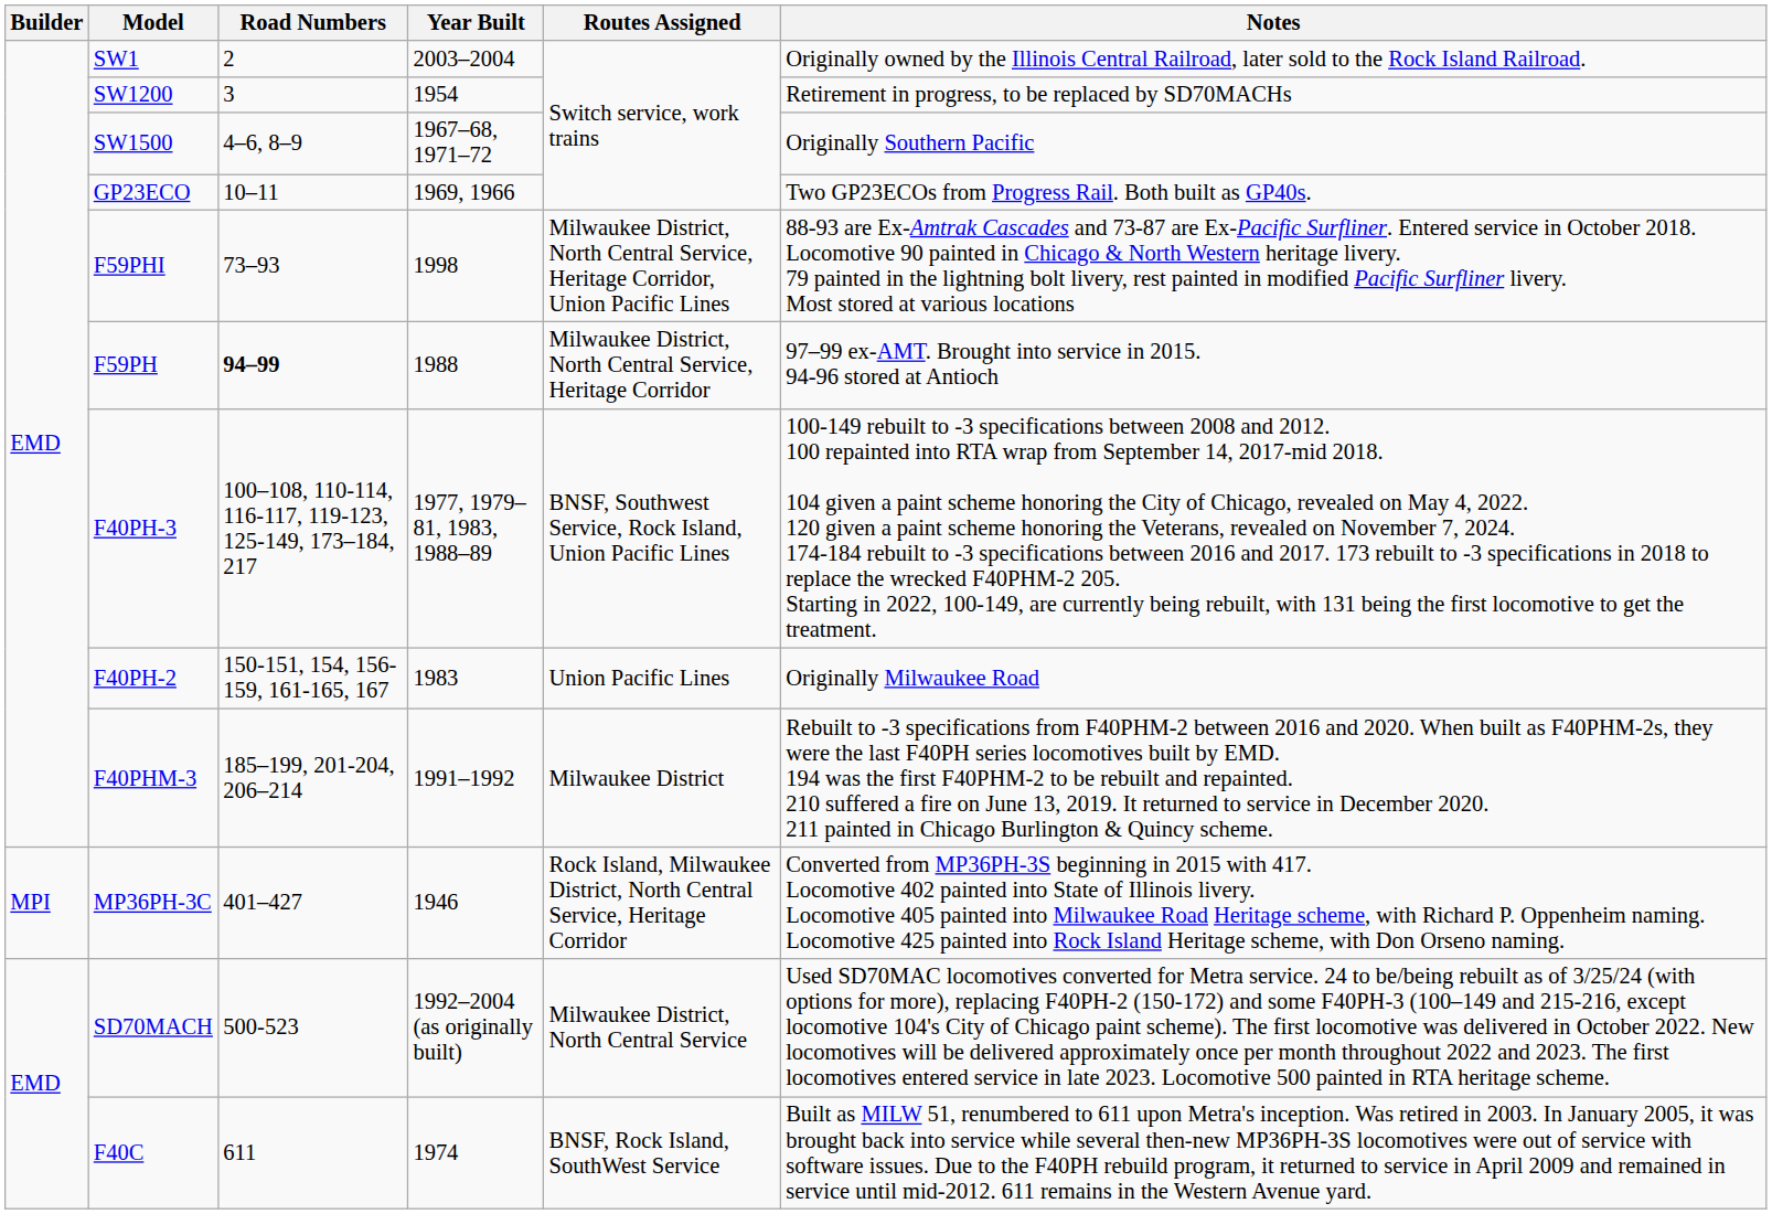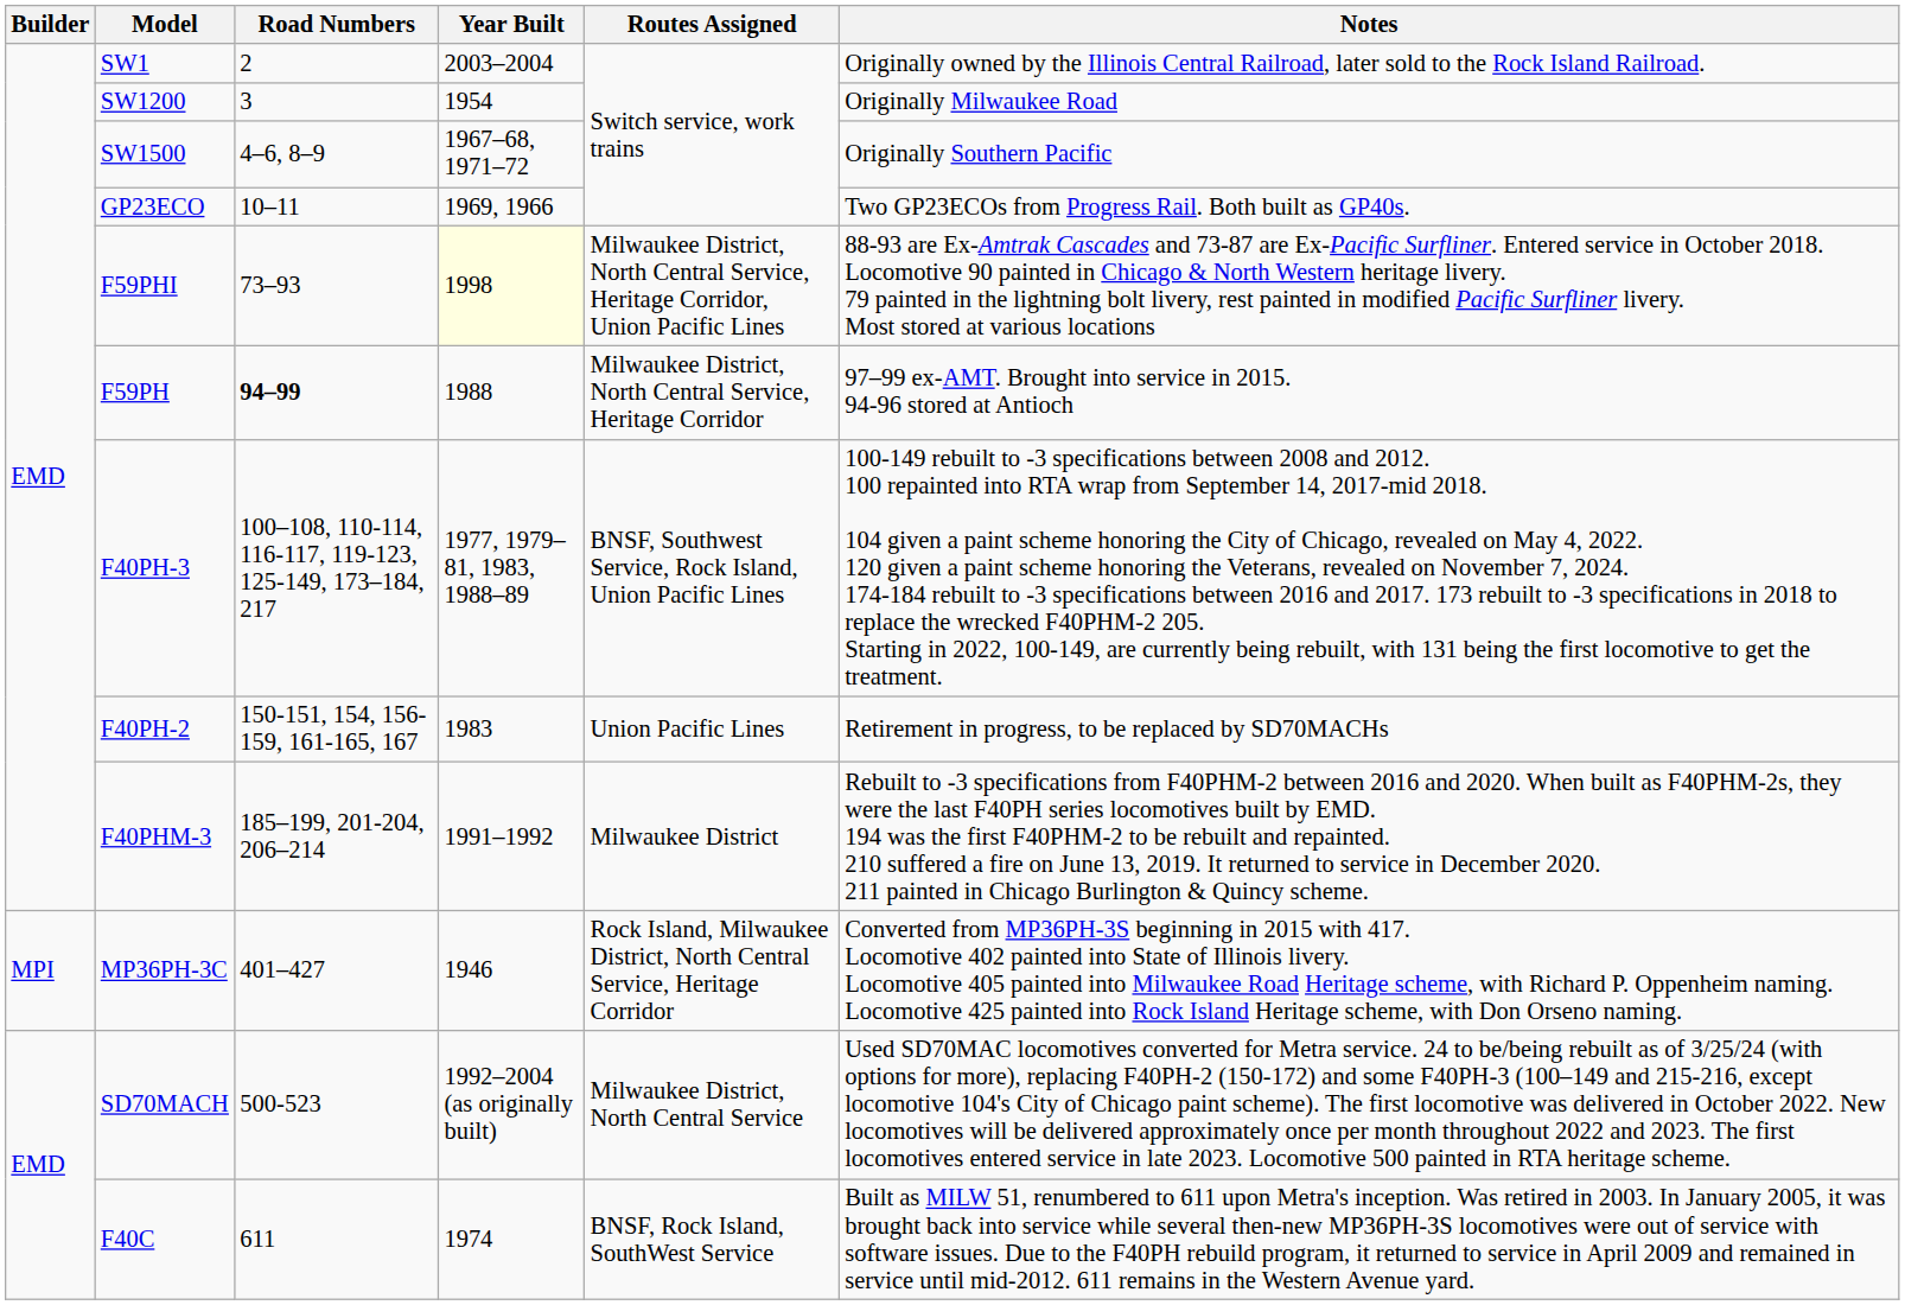 <table class="wikitable sortable">
 <tr>
 <th>Builder</th>
 <th>Model</th>
 <th>Road Numbers</th>
 <th>Year Built</th>
 <th>Routes Assigned</th>
 <th>Notes</th>
 </tr>
 <tr>
 <td rowspan="9"><a href='#'>EMD</a></td>
 <td><a href='#'>SW1</a></td>
 <td>2</td>
 <td>2003–2004</td>
 <td rowspan="4">Switch service, work trains</td>
 <td>Originally owned by the <a href='#'>Illinois Central Railroad</a>, later sold to the <a href='#'>Rock Island Railroad</a>.</td>
 </tr>
 <tr>
 <td><a href='#'>SW1200</a></td>
 <td>3</td>
 <td>1954</td>
-<td>Retirement in progress, to be replaced by SD70MACHs</td>
+<td>Originally <a href='#'>Milwaukee Road</a></td>
 </tr>
 <tr>
 <td><a href='#'>SW1500</a></td>
 <td>4–6, 8–9</td>
 <td>1967–68, 1971–72</td>
 <td>Originally <a href='#'>Southern Pacific</a></td>
 </tr>
 <tr>
 <td><a href='#'>GP23ECO</a></td>
 <td>10–11</td>
 <td>1969, 1966</td>
 <td>Two GP23ECOs from <a href='#'>Progress Rail</a>. Both built as <a href='#'>GP40s</a>.</td>
 </tr>
 <tr>
 <td><a href='#'>F59PHI</a></td>
 <td>73–93</td>
-<td>1998</td>
+<td style="background: lightyellow;">1998</td>
 <td>Milwaukee District, North Central Service, Heritage Corridor, Union Pacific Lines</td>
 <td>88-93 are Ex-<em><a href='#'>Amtrak Cascades</a></em> and 73-87 are Ex-<em><a href='#'>Pacific Surfliner</a></em>. Entered service in October 2018.<br>Locomotive 90 painted in <a href='#'>Chicago & North Western</a> heritage livery.<br>79 painted in the lightning bolt livery, rest painted in modified <em><a href='#'>Pacific Surfliner</a></em> livery.<br>Most stored at various locations</td>
 </tr>
 <tr>
 <td><a href='#'>F59PH</a></td>
 <td><strong>94–99</strong></td>
 <td>1988</td>
 <td>Milwaukee District, North Central Service, Heritage Corridor</td>
 <td>97–99 ex-<a href='#'>AMT</a>. Brought into service in 2015.<br>94-96 stored at Antioch</td>
 </tr>
 <tr>
 <td><a href='#'>F40PH-3</a></td>
 <td>100–108, 110-114, 116-117, 119-123, 125-149, 173–184, 217</td>
 <td>1977, 1979–81, 1983, 1988–89</td>
 <td>BNSF, Southwest Service, Rock Island, Union Pacific Lines</td>
 <td>100-149 rebuilt to -3 specifications between 2008 and 2012. <br>100 repainted into RTA wrap from September 14, 2017-mid 2018.<br><br>104 given a paint scheme honoring the City of Chicago, revealed on May 4, 2022.<br> 120 given a paint scheme honoring the Veterans, revealed on November 7, 2024.<br> 174-184 rebuilt to -3 specifications between 2016 and 2017. 173 rebuilt to -3 specifications in 2018 to replace the wrecked F40PHM-2 205.<br> Starting in 2022, 100-149, are currently being rebuilt, with 131 being the first locomotive to get the treatment.</td>
 </tr>
 <tr>
 <td><a href='#'>F40PH-2</a></td>
 <td>150-151, 154, 156-159, 161-165, 167</td>
 <td>1983</td>
 <td>Union Pacific Lines</td>
-<td>Originally <a href='#'>Milwaukee Road</a></td>
+<td>Retirement in progress, to be replaced by SD70MACHs</td>
 </tr>
 <tr>
 <td><a href='#'>F40PHM-3</a></td>
 <td>185–199, 201-204, 206–214</td>
 <td>1991–1992</td>
 <td>Milwaukee District</td>
 <td>Rebuilt to -3 specifications from F40PHM-2 between 2016 and 2020. When built as F40PHM-2s, they were the last F40PH series locomotives built by EMD.<br>194 was the first F40PHM-2 to be rebuilt and repainted.<br>210 suffered a fire on June 13, 2019. It returned to service in December 2020.<br>211 painted in Chicago Burlington & Quincy scheme.</td>
 </tr>
 <tr>
 <td><a href='#'>MPI</a></td>
 <td><a href='#'>MP36PH-3C</a></td>
 <td>401–427</td>
 <td>1946</td>
 <td>Rock Island, Milwaukee District, North Central Service, Heritage Corridor</td>
 <td>Converted from <a href='#'>MP36PH-3S</a> beginning in 2015 with 417.<br>Locomotive 402 painted into State of Illinois livery.<br> Locomotive 405 painted into <a href='#'>Milwaukee Road</a> <a href='#'>Heritage scheme</a>, with Richard P. Oppenheim naming.<br> Locomotive 425 painted into <a href='#'>Rock Island</a> Heritage scheme, with Don Orseno naming.</td>
 </tr>
 <tr>
 <td rowspan="2"><a href='#'>EMD</a></td>
 <td><a href='#'>SD70MACH</a></td>
 <td>500-523</td>
 <td>1992–2004 (as originally built)</td>
 <td>Milwaukee District, North Central Service</td>
 <td>Used SD70MAC locomotives converted for Metra service. 24 to be/being rebuilt as of 3/25/24 (with options for more), replacing F40PH-2 (150-172) and some F40PH-3 (100–149 and 215-216, except locomotive 104's City of Chicago paint scheme). The first locomotive was delivered in October 2022. New locomotives will be delivered approximately once per month throughout 2022 and 2023. The first locomotives entered service in late 2023. Locomotive 500 painted in RTA heritage scheme.</td>
 </tr>
 <tr>
 <td><a href='#'>F40C</a></td>
 <td>611</td>
 <td>1974</td>
 <td>BNSF, Rock Island, SouthWest Service</td>
 <td>Built as <a href='#'>MILW</a> 51, renumbered to 611 upon Metra's inception. Was retired in 2003. In January 2005, it was brought back into service while several then-new MP36PH-3S locomotives were out of service with software issues. Due to the F40PH rebuild program, it returned to service in April 2009 and remained in service until mid-2012. 611 remains in the Western Avenue yard.</td>
 </tr>
 </table>
